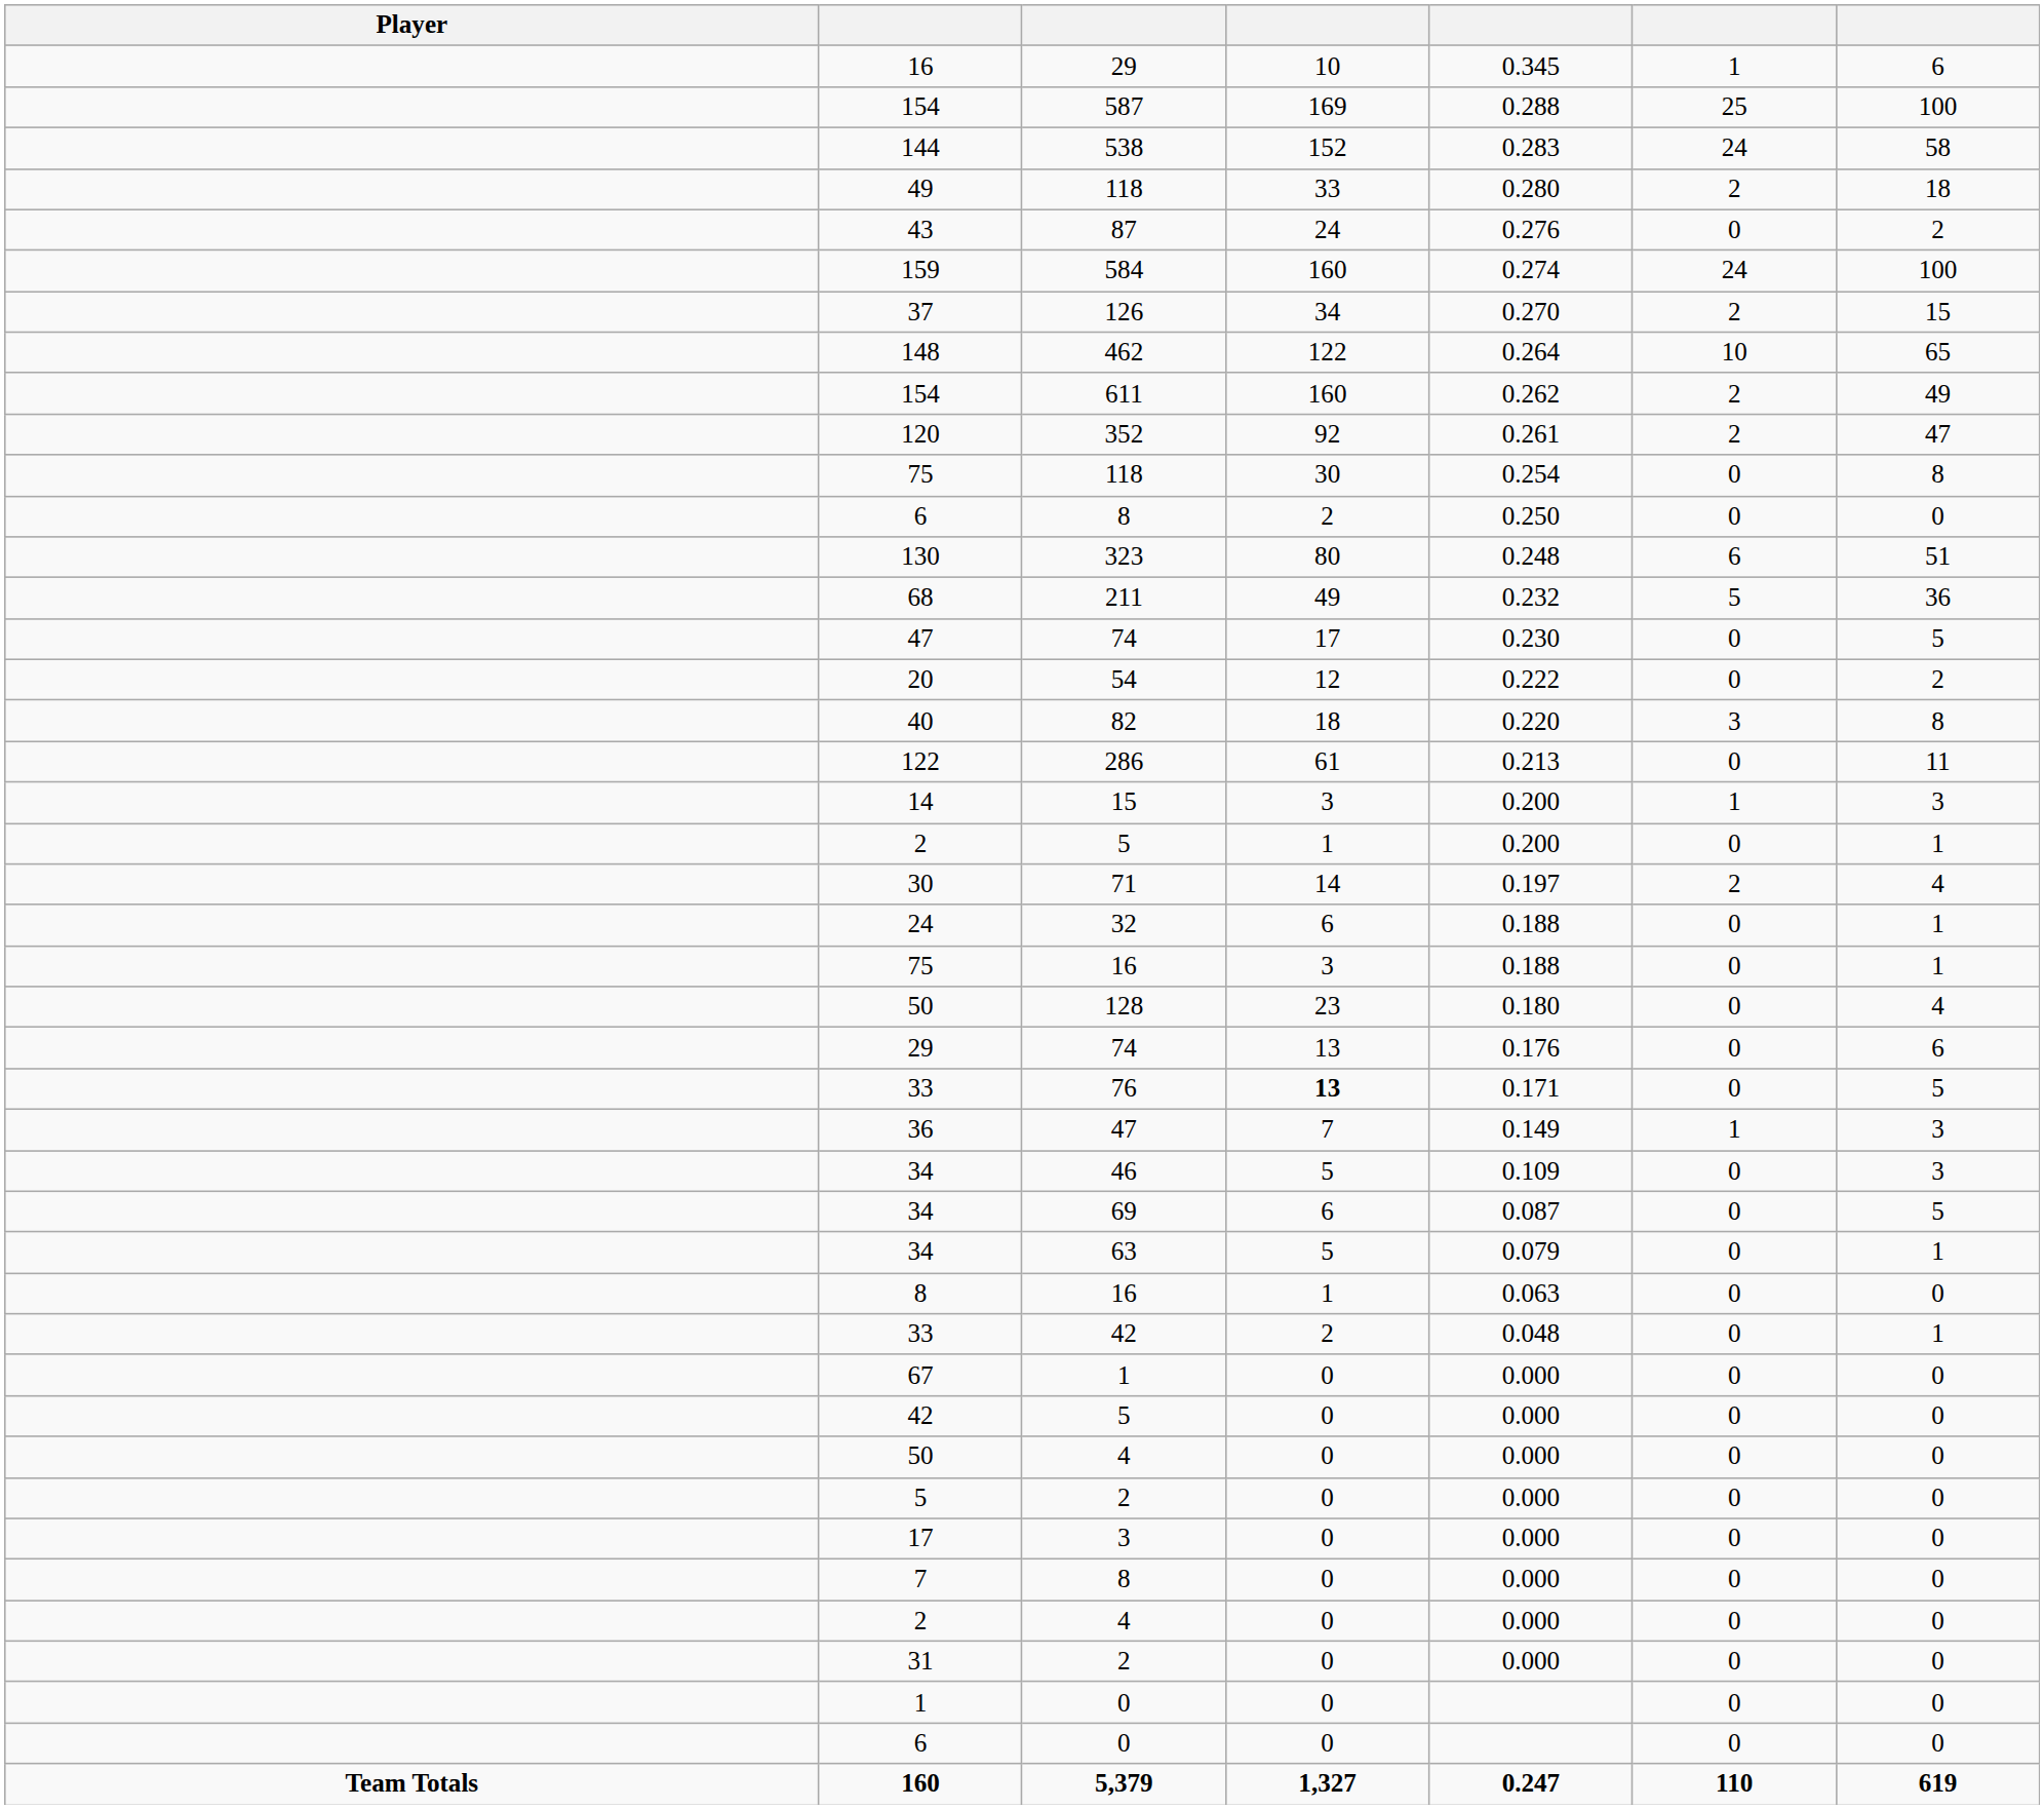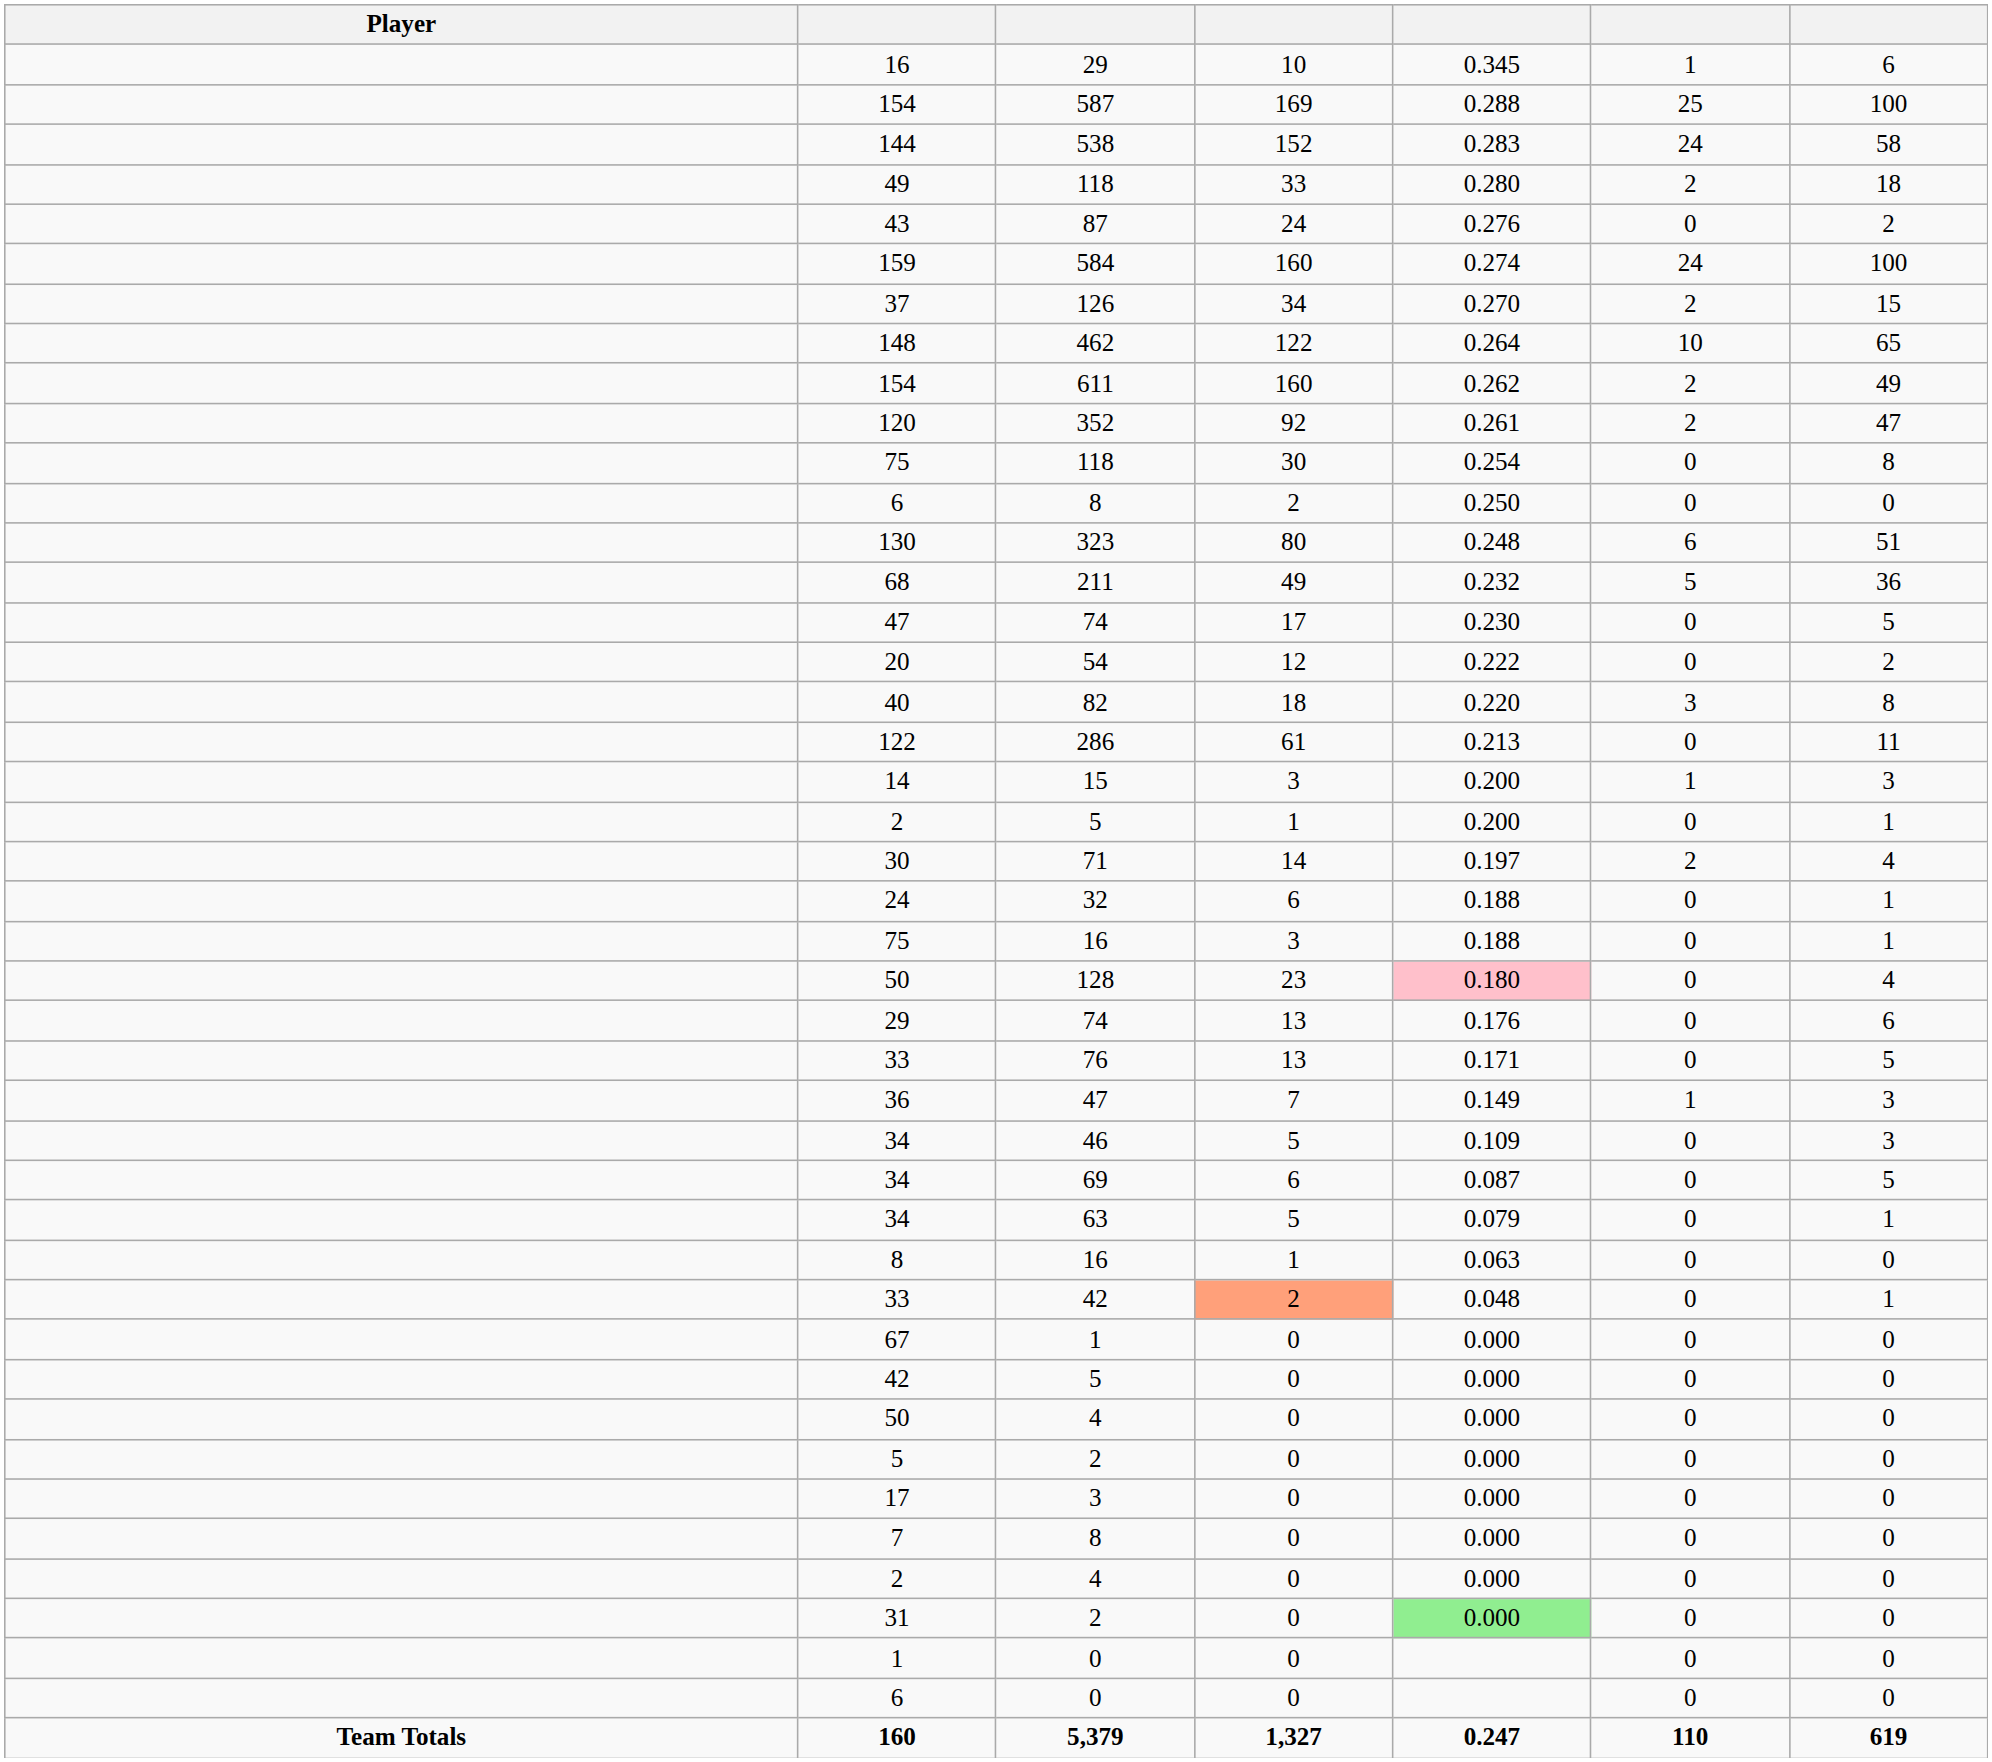 <table class="wikitable sortable"  style="text-align:center; width:100%;">
 <tr>
 <th style="width:40%;">Player</th>
 <th style="width:10%;"></th>
 <th style="width:10%;"></th>
 <th style="width:10%;"></th>
 <th style="width:10%;"></th>
 <th style="width:10%;"></th>
 <th style="width:10%;"></th>
 </tr>
 <tr>
 <td></td>
 <td>16</td>
 <td>29</td>
 <td>10</td>
 <td>0.345</td>
 <td>1</td>
 <td>6</td>
 </tr>
 <tr>
 <td></td>
 <td>154</td>
 <td>587</td>
 <td>169</td>
 <td>0.288</td>
 <td>25</td>
 <td>100</td>
 </tr>
 <tr>
 <td></td>
 <td>144</td>
 <td>538</td>
 <td>152</td>
 <td>0.283</td>
 <td>24</td>
 <td>58</td>
 </tr>
 <tr>
 <td></td>
 <td>49</td>
 <td>118</td>
 <td>33</td>
 <td>0.280</td>
 <td>2</td>
 <td>18</td>
 </tr>
 <tr>
 <td></td>
 <td>43</td>
 <td>87</td>
 <td>24</td>
 <td>0.276</td>
 <td>0</td>
 <td>2</td>
 </tr>
 <tr>
 <td></td>
 <td>159</td>
 <td>584</td>
 <td>160</td>
 <td>0.274</td>
 <td>24</td>
 <td>100</td>
 </tr>
 <tr>
 <td></td>
 <td>37</td>
 <td>126</td>
 <td>34</td>
 <td>0.270</td>
 <td>2</td>
 <td>15</td>
 </tr>
 <tr>
 <td></td>
 <td>148</td>
 <td>462</td>
 <td>122</td>
 <td>0.264</td>
 <td>10</td>
 <td>65</td>
 </tr>
 <tr>
 <td></td>
 <td>154</td>
 <td>611</td>
 <td>160</td>
 <td>0.262</td>
 <td>2</td>
 <td>49</td>
 </tr>
 <tr>
 <td></td>
 <td>120</td>
 <td>352</td>
 <td>92</td>
 <td>0.261</td>
 <td>2</td>
 <td>47</td>
 </tr>
 <tr>
 <td></td>
 <td>75</td>
 <td>118</td>
 <td>30</td>
 <td>0.254</td>
 <td>0</td>
 <td>8</td>
 </tr>
 <tr>
 <td></td>
 <td>6</td>
 <td>8</td>
 <td>2</td>
 <td>0.250</td>
 <td>0</td>
 <td>0</td>
 </tr>
 <tr>
 <td></td>
 <td>130</td>
 <td>323</td>
 <td>80</td>
 <td>0.248</td>
 <td>6</td>
 <td>51</td>
 </tr>
 <tr>
 <td></td>
 <td>68</td>
 <td>211</td>
 <td>49</td>
 <td>0.232</td>
 <td>5</td>
 <td>36</td>
 </tr>
 <tr>
 <td></td>
 <td>47</td>
 <td>74</td>
 <td>17</td>
 <td>0.230</td>
 <td>0</td>
 <td>5</td>
 </tr>
 <tr>
 <td></td>
 <td>20</td>
 <td>54</td>
 <td>12</td>
 <td>0.222</td>
 <td>0</td>
 <td>2</td>
 </tr>
 <tr>
 <td></td>
 <td>40</td>
 <td>82</td>
 <td>18</td>
 <td>0.220</td>
 <td>3</td>
 <td>8</td>
 </tr>
 <tr>
 <td></td>
 <td>122</td>
 <td>286</td>
 <td>61</td>
 <td>0.213</td>
 <td>0</td>
 <td>11</td>
 </tr>
 <tr>
 <td></td>
 <td>14</td>
 <td>15</td>
 <td>3</td>
 <td>0.200</td>
 <td>1</td>
 <td>3</td>
 </tr>
 <tr>
 <td></td>
 <td>2</td>
 <td>5</td>
 <td>1</td>
 <td>0.200</td>
 <td>0</td>
 <td>1</td>
 </tr>
 <tr>
 <td></td>
 <td>30</td>
 <td>71</td>
 <td>14</td>
 <td>0.197</td>
 <td>2</td>
 <td>4</td>
 </tr>
 <tr>
 <td></td>
 <td>24</td>
 <td>32</td>
 <td>6</td>
 <td>0.188</td>
 <td>0</td>
 <td>1</td>
 </tr>
 <tr>
 <td></td>
 <td>75</td>
 <td>16</td>
 <td>3</td>
 <td>0.188</td>
 <td>0</td>
 <td>1</td>
 </tr>
 <tr>
 <td></td>
 <td>50</td>
 <td>128</td>
 <td>23</td>
-<td>0.180</td>
+<td style="background: pink;">0.180</td>
 <td>0</td>
 <td>4</td>
 </tr>
 <tr>
 <td></td>
 <td>29</td>
 <td>74</td>
 <td>13</td>
 <td>0.176</td>
 <td>0</td>
 <td>6</td>
 </tr>
 <tr>
 <td></td>
 <td>33</td>
 <td>76</td>
-<td><strong>13</strong></td>
+<td>13</td>
 <td>0.171</td>
 <td>0</td>
 <td>5</td>
 </tr>
 <tr>
 <td></td>
 <td>36</td>
 <td>47</td>
 <td>7</td>
 <td>0.149</td>
 <td>1</td>
 <td>3</td>
 </tr>
 <tr>
 <td></td>
 <td>34</td>
 <td>46</td>
 <td>5</td>
 <td>0.109</td>
 <td>0</td>
 <td>3</td>
 </tr>
 <tr>
 <td></td>
 <td>34</td>
 <td>69</td>
 <td>6</td>
 <td>0.087</td>
 <td>0</td>
 <td>5</td>
 </tr>
 <tr>
 <td></td>
 <td>34</td>
 <td>63</td>
 <td>5</td>
 <td>0.079</td>
 <td>0</td>
 <td>1</td>
 </tr>
 <tr>
 <td></td>
 <td>8</td>
 <td>16</td>
 <td>1</td>
 <td>0.063</td>
 <td>0</td>
 <td>0</td>
 </tr>
 <tr>
 <td></td>
 <td>33</td>
 <td>42</td>
-<td>2</td>
+<td style="background: lightsalmon;">2</td>
 <td>0.048</td>
 <td>0</td>
 <td>1</td>
 </tr>
 <tr>
 <td></td>
 <td>67</td>
 <td>1</td>
 <td>0</td>
 <td>0.000</td>
 <td>0</td>
 <td>0</td>
 </tr>
 <tr>
 <td></td>
 <td>42</td>
 <td>5</td>
 <td>0</td>
 <td>0.000</td>
 <td>0</td>
 <td>0</td>
 </tr>
 <tr>
 <td></td>
 <td>50</td>
 <td>4</td>
 <td>0</td>
 <td>0.000</td>
 <td>0</td>
 <td>0</td>
 </tr>
 <tr>
 <td></td>
 <td>5</td>
 <td>2</td>
 <td>0</td>
 <td>0.000</td>
 <td>0</td>
 <td>0</td>
 </tr>
 <tr>
 <td></td>
 <td>17</td>
 <td>3</td>
 <td>0</td>
 <td>0.000</td>
 <td>0</td>
 <td>0</td>
 </tr>
 <tr>
 <td></td>
 <td>7</td>
 <td>8</td>
 <td>0</td>
 <td>0.000</td>
 <td>0</td>
 <td>0</td>
 </tr>
 <tr>
 <td></td>
 <td>2</td>
 <td>4</td>
 <td>0</td>
 <td>0.000</td>
 <td>0</td>
 <td>0</td>
 </tr>
 <tr>
 <td></td>
 <td>31</td>
 <td>2</td>
 <td>0</td>
-<td>0.000</td>
+<td style="background: lightgreen;">0.000</td>
 <td>0</td>
 <td>0</td>
 </tr>
 <tr>
 <td></td>
 <td>1</td>
 <td>0</td>
 <td>0</td>
 <td></td>
 <td>0</td>
 <td>0</td>
 </tr>
 <tr>
 <td></td>
 <td>6</td>
 <td>0</td>
 <td>0</td>
 <td></td>
 <td>0</td>
 <td>0</td>
 </tr>
 <tr>
 <td><strong>Team Totals</strong></td>
 <td><strong>160</strong></td>
 <td><strong>5,379</strong></td>
 <td><strong>1,327</strong></td>
 <td><strong>0.247</strong></td>
 <td><strong>110</strong></td>
 <td><strong>619</strong></td>
 </tr>
 </table>
